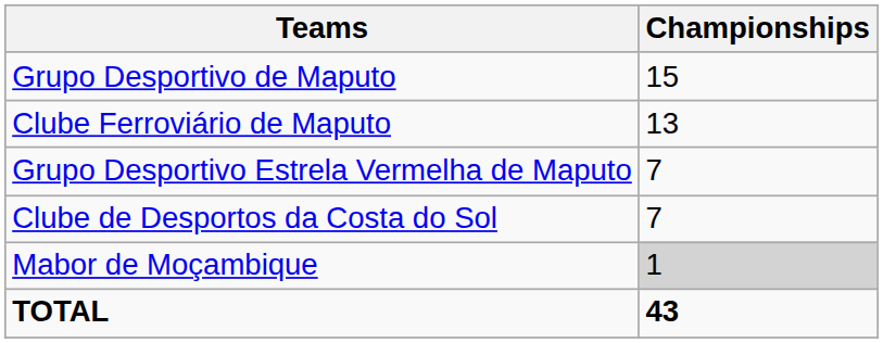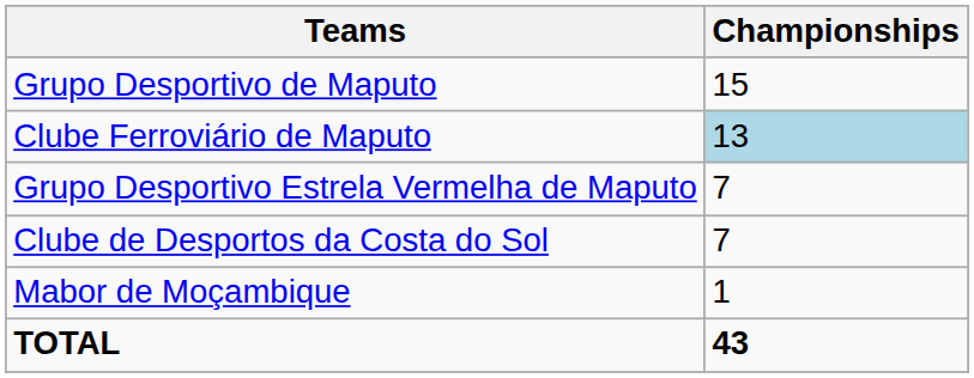 <table class="wikitable">
 <tr>
 <th>Teams</th>
 <th>Championships</th>
 </tr>
 <tr>
 <td><a href='#'>Grupo Desportivo de Maputo</a></td>
 <td>15</td>
 </tr>
 <tr>
 <td><a href='#'>Clube Ferroviário de Maputo</a></td>
-<td>13</td>
+<td style="background: lightblue;">13</td>
 </tr>
 <tr>
 <td><a href='#'>Grupo Desportivo Estrela Vermelha de Maputo</a></td>
 <td>7</td>
 </tr>
 <tr>
 <td><a href='#'>Clube de Desportos da Costa do Sol</a></td>
 <td>7</td>
 </tr>
 <tr>
 <td><a href='#'>Mabor de Moçambique</a></td>
-<td style="background: lightgrey;">1</td>
+<td>1</td>
 </tr>
 <tr>
 <td><strong>TOTAL</strong></td>
 <td><strong>43</strong></td>
 </tr>
 </table>
